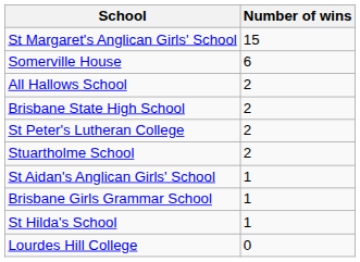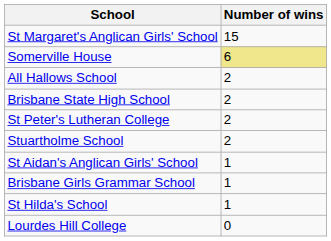 <table class="wikitable sortable">
 <tr>
 <th>School</th>
 <th>Number of wins</th>
 </tr>
 <tr>
 <td><a href='#'>St Margaret's Anglican Girls' School</a></td>
 <td>15</td>
 </tr>
 <tr>
 <td><a href='#'>Somerville House</a></td>
-<td>6</td>
+<td style="background: khaki;">6</td>
 </tr>
 <tr>
 <td><a href='#'>All Hallows School</a></td>
 <td>2</td>
 </tr>
 <tr>
 <td><a href='#'>Brisbane State High School</a></td>
 <td>2</td>
 </tr>
 <tr>
 <td><a href='#'>St Peter's Lutheran College</a></td>
 <td>2</td>
 </tr>
 <tr>
 <td><a href='#'>Stuartholme School</a></td>
 <td>2</td>
 </tr>
 <tr>
 <td><a href='#'>St Aidan's Anglican Girls' School</a></td>
 <td>1</td>
 </tr>
 <tr>
 <td><a href='#'>Brisbane Girls Grammar School</a></td>
 <td>1</td>
 </tr>
 <tr>
 <td><a href='#'>St Hilda's School</a></td>
 <td>1</td>
 </tr>
 <tr>
 <td><a href='#'>Lourdes Hill College</a></td>
 <td>0</td>
 </tr>
 </table>
